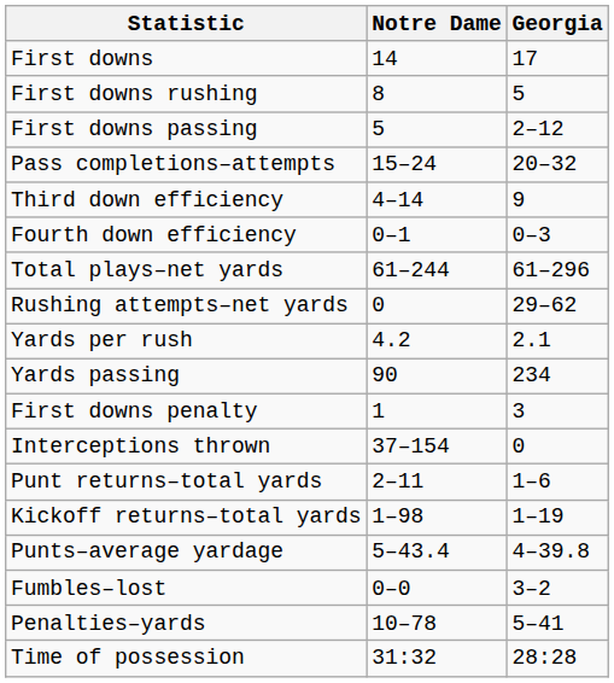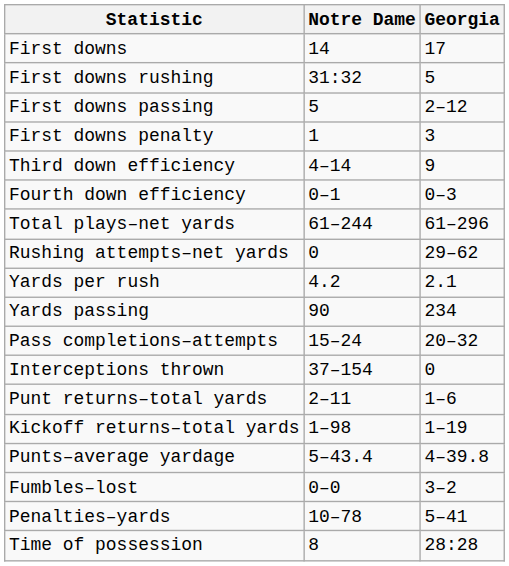 <table class="wikitable">
 <tr>
 <th>Statistic</th>
 <th>Notre Dame</th>
 <th>Georgia</th>
 </tr>
 <tr>
 <td>First downs</td>
 <td>14</td>
 <td>17</td>
 </tr>
 <tr>
 <td>First downs rushing</td>
-<td>8</td>
+<td>31:32</td>
 <td>5</td>
 </tr>
 <tr>
 <td>First downs passing</td>
 <td>5</td>
 <td>2–12</td>
 </tr>
 <tr>
-<td>Pass completions–attempts</td>
-<td>15–24</td>
-<td>20–32</td>
+<td>First downs penalty</td>
+<td>1</td>
+<td>3</td>
 </tr>
 <tr>
 <td>Third down efficiency</td>
 <td>4–14</td>
 <td>9</td>
 </tr>
 <tr>
 <td>Fourth down efficiency</td>
 <td>0–1</td>
 <td>0–3</td>
 </tr>
 <tr>
 <td>Total plays–net yards</td>
 <td>61–244</td>
 <td>61–296</td>
 </tr>
 <tr>
 <td>Rushing attempts–net yards</td>
 <td>0</td>
 <td>29–62</td>
 </tr>
 <tr>
 <td>Yards per rush</td>
 <td>4.2</td>
 <td>2.1</td>
 </tr>
 <tr>
 <td>Yards passing</td>
 <td>90</td>
 <td>234</td>
 </tr>
 <tr>
-<td>First downs penalty</td>
-<td>1</td>
-<td>3</td>
+<td>Pass completions–attempts</td>
+<td>15–24</td>
+<td>20–32</td>
 </tr>
 <tr>
 <td>Interceptions thrown</td>
 <td>37–154</td>
 <td>0</td>
 </tr>
 <tr>
 <td>Punt returns–total yards</td>
 <td>2–11</td>
 <td>1–6</td>
 </tr>
 <tr>
 <td>Kickoff returns–total yards</td>
 <td>1–98</td>
 <td>1–19</td>
 </tr>
 <tr>
 <td>Punts–average yardage</td>
 <td>5–43.4</td>
 <td>4–39.8</td>
 </tr>
 <tr>
 <td>Fumbles–lost</td>
 <td>0–0</td>
 <td>3–2</td>
 </tr>
 <tr>
 <td>Penalties–yards</td>
 <td>10–78</td>
 <td>5–41</td>
 </tr>
 <tr>
 <td>Time of possession</td>
-<td>31:32</td>
+<td>8</td>
 <td>28:28</td>
 </tr>
 </table>
